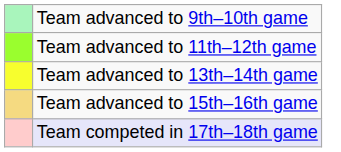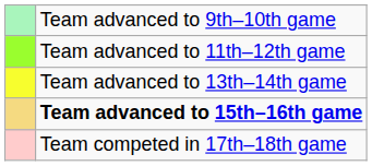 <table class="wikitable">
 <tr>
 <td style="background: #A9F5BC;">    </td>
 <td>Team advanced to <a href='#'>9th–10th game</a></td>
 </tr>
 <tr>
 <td style="background: #9AFE2E;">    </td>
 <td>Team advanced to <a href='#'>11th–12th game</a></td>
 </tr>
 <tr>
 <td style="background: #F7FE2E;">    </td>
 <td>Team advanced to <a href='#'>13th–14th game</a></td>
 </tr>
 <tr>
 <td style="background: #F5DA81;">    </td>
-<td>Team advanced to <a href='#'>15th–16th game</a></td>
+<td><strong>Team advanced to <a href='#'>15th–16th game</a></strong></td>
 </tr>
 <tr>
 <td style="background: #ffcccc;">    </td>
-<td style="background: lavender;">Team competed in <a href='#'>17th–18th game</a></td>
+<td>Team competed in <a href='#'>17th–18th game</a></td>
 </tr>
 </table>
